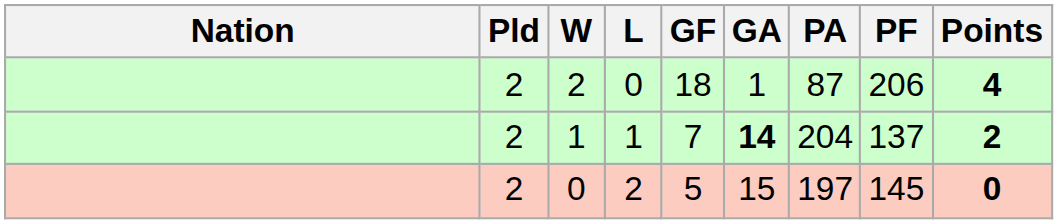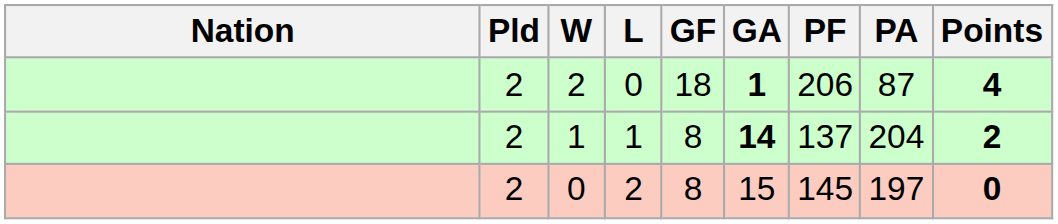 <table class=wikitable style="text-align:center">
 <tr>
 <th width=220>Nation</th>
 <th width=20>Pld</th>
 <th width=20>W</th>
 <th width=20>L</th>
 <th width=20>GF</th>
 <th width=20>GA</th>
+<th width=20>PF</th>
 <th width=20>PA</th>
-<th width=20>PF</th>
 <th width=50>Points</th>
 </tr>
 <tr bgcolor="#ccffcc">
 <td align=left></td>
 <td>2</td>
 <td>2</td>
 <td>0</td>
 <td>18</td>
-<td>1</td>
+<td><strong>1</strong></td>
+<td>206</td>
 <td>87</td>
-<td>206</td>
 <td><strong>4</strong></td>
 </tr>
 <tr bgcolor="#ccffcc">
 <td align=left></td>
 <td>2</td>
 <td>1</td>
 <td>1</td>
-<td>7</td>
+<td>8</td>
 <td><strong>14</strong></td>
+<td>137</td>
 <td>204</td>
-<td>137</td>
 <td><strong>2</strong></td>
 </tr>
 <tr bgcolor="#fcccc">
 <td align=left></td>
 <td>2</td>
 <td>0</td>
 <td>2</td>
-<td>5</td>
+<td>8</td>
 <td>15</td>
+<td>145</td>
 <td>197</td>
-<td>145</td>
 <td><strong>0</strong></td>
 </tr>
 </table>
